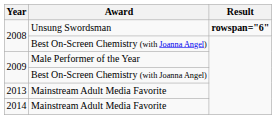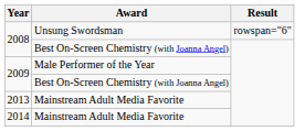 <table class="wikitable">
 <tr>
 <th>Year</th>
 <th>Award</th>
 <th>Result</th>
 </tr>
 <tr>
 <td rowspan="2">2008</td>
 <td>Unsung Swordsman</td>
-<td><strong>rowspan="6" </strong></td>
+<td>rowspan="6" </td>
 </tr>
 <tr>
 <td>Best On-Screen Chemistry <small>(with <a href='#'>Joanna Angel</a>)</small></td>
 </tr>
 <tr>
 <td rowspan="2">2009</td>
 <td>Male Performer of the Year</td>
 </tr>
 <tr>
 <td>Best On-Screen Chemistry <small>(with Joanna Angel)</small></td>
 </tr>
 <tr>
 <td>2013</td>
 <td>Mainstream Adult Media Favorite</td>
 </tr>
 <tr>
 <td>2014</td>
 <td>Mainstream Adult Media Favorite</td>
 </tr>
 </table>
